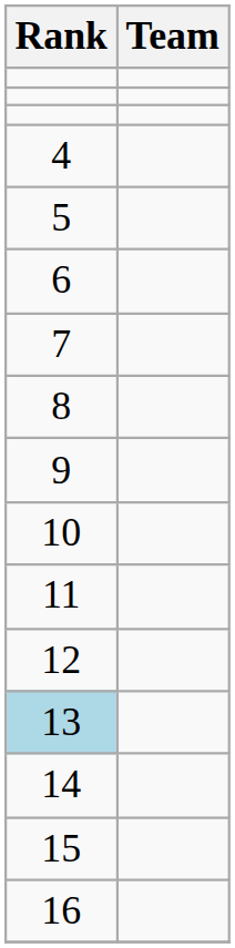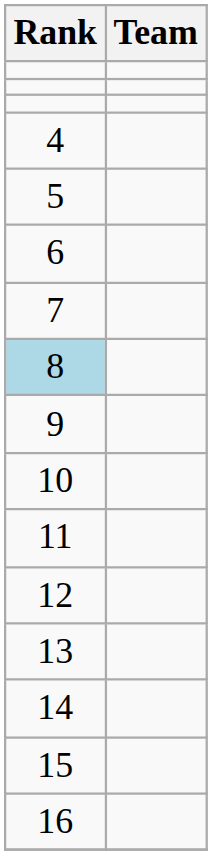 <table class=wikitable style="text-align:center;">
 <tr>
 <th>Rank</th>
 <th>Team</th>
 </tr>
 <tr>
 <td></td>
 <td align=left></td>
 </tr>
 <tr>
 <td></td>
 <td align=left></td>
 </tr>
 <tr>
 <td></td>
 <td align=left></td>
 </tr>
 <tr>
 <td>4</td>
 <td align=left></td>
 </tr>
 <tr>
 <td>5</td>
 <td align=left></td>
 </tr>
 <tr>
 <td>6</td>
 <td align=left></td>
 </tr>
 <tr>
 <td>7</td>
 <td align=left></td>
 </tr>
 <tr>
-<td>8</td>
+<td style="background: lightblue;">8</td>
 <td align=left></td>
 </tr>
 <tr>
 <td>9</td>
 <td align=left></td>
 </tr>
 <tr>
 <td>10</td>
 <td align=left></td>
 </tr>
 <tr>
 <td>11</td>
 <td align=left></td>
 </tr>
 <tr>
 <td>12</td>
 <td align=left></td>
 </tr>
 <tr>
-<td style="background: lightblue;">13</td>
+<td>13</td>
 <td align=left></td>
 </tr>
 <tr>
 <td>14</td>
 <td align=left></td>
 </tr>
 <tr>
 <td>15</td>
 <td align=left></td>
 </tr>
 <tr>
 <td>16</td>
 <td align=left></td>
 </tr>
 <tr>
 </tr>
 </table>
